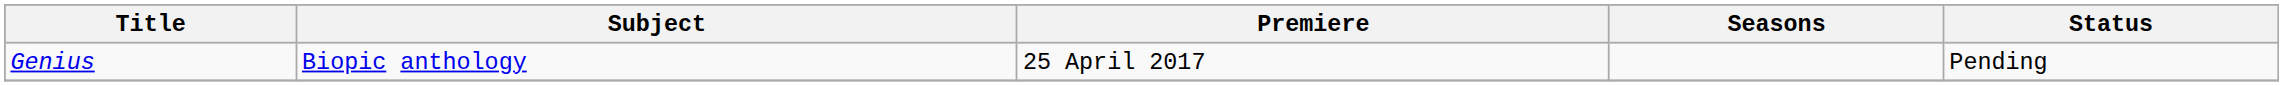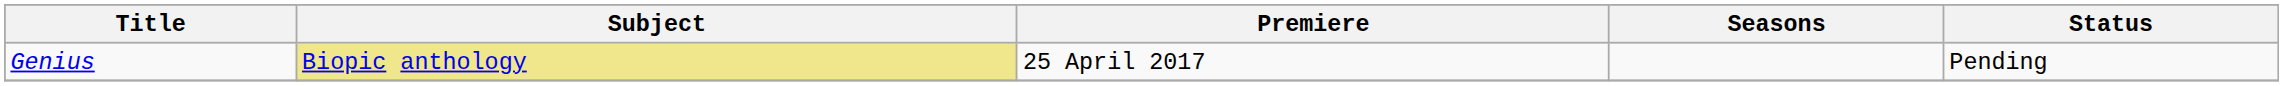 <table class="wikitable sortable" style="width:100%;">
 <tr>
 <th>Title</th>
 <th>Subject</th>
 <th>Premiere</th>
 <th>Seasons</th>
 <th>Status</th>
 </tr>
 <tr>
 <td><em><a href='#'>Genius</a></em></td>
-<td><a href='#'>Biopic</a> <a href='#'>anthology</a></td>
+<td style="background: khaki;"><a href='#'>Biopic</a> <a href='#'>anthology</a></td>
 <td>25 April 2017</td>
 <td></td>
 <td>Pending</td>
 </tr>
 <tr>
 </tr>
 </table>
